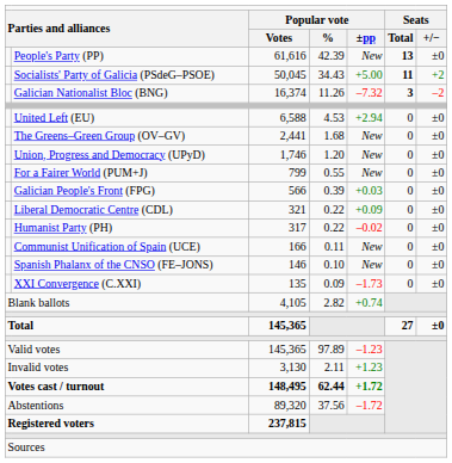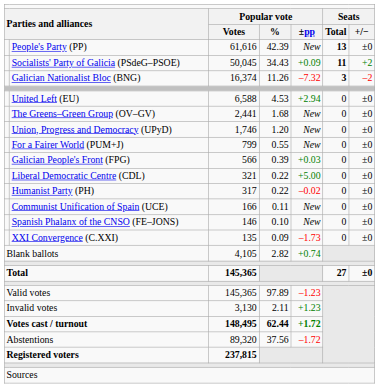 <table class="wikitable" style="text-align:right;">
 <tr>
 <td colspan="7"></td>
 </tr>
 <tr>
 <th style="text-align:left;" rowspan="2" colspan="2" width="525">Parties and alliances</th>
 <th colspan="3">Popular vote</th>
 <th colspan="2">Seats</th>
 </tr>
 <tr>
 <th width="75">Votes</th>
 <th width="45">%</th>
 <th width="45">±<a href='#'>pp</a></th>
 <th width="35">Total</th>
 <th width="35">+/−</th>
 </tr>
 <tr>
 <td width="1" style="color:inherit;background:"></td>
 <td align="left"><a href='#'>People's Party</a> (PP)</td>
 <td>61,616</td>
 <td>42.39</td>
 <td><em>New</em></td>
 <td><strong>13</strong></td>
 <td>±0</td>
 </tr>
 <tr>
 <td style="color:inherit;background:"></td>
 <td align="left"><a href='#'>Socialists' Party of Galicia</a> (PSdeG–PSOE)</td>
 <td>50,045</td>
 <td>34.43</td>
-<td style="color:green;">+5.00</td>
+<td style="color:green;">+0.09</td>
 <td><strong>11</strong></td>
 <td style="color:green;">+2</td>
 </tr>
 <tr>
 <td style="color:inherit;background:"></td>
 <td align="left"><a href='#'>Galician Nationalist Bloc</a> (BNG)</td>
 <td>16,374</td>
 <td>11.26</td>
 <td style="color:red;">–7.32</td>
 <td><strong>3</strong></td>
 <td style="color:red;">–2</td>
 </tr>
 <tr>
 <td colspan="7" bgcolor="#C0C0C0"></td>
 </tr>
 <tr>
 <td style="color:inherit;background:"></td>
 <td align="left"><a href='#'>United Left</a> (EU)</td>
 <td>6,588</td>
 <td>4.53</td>
 <td style="color:green;">+2.94</td>
 <td>0</td>
 <td>±0</td>
 </tr>
 <tr>
 <td style="color:inherit;background:"></td>
 <td align="left"><a href='#'>The Greens–Green Group</a> (OV–GV)</td>
 <td>2,441</td>
 <td>1.68</td>
 <td><em>New</em></td>
 <td>0</td>
 <td>±0</td>
 </tr>
 <tr>
 <td style="color:inherit;background:"></td>
 <td align="left"><a href='#'>Union, Progress and Democracy</a> (UPyD)</td>
 <td>1,746</td>
 <td>1.20</td>
 <td><em>New</em></td>
 <td>0</td>
 <td>±0</td>
 </tr>
 <tr>
 <td style="color:inherit;background:"></td>
 <td align="left"><a href='#'>For a Fairer World</a> (PUM+J)</td>
 <td>799</td>
 <td>0.55</td>
 <td><em>New</em></td>
 <td>0</td>
 <td>±0</td>
 </tr>
 <tr>
 <td style="color:inherit;background:"></td>
 <td align="left"><a href='#'>Galician People's Front</a> (FPG)</td>
 <td>566</td>
 <td>0.39</td>
 <td style="color:green;">+0.03</td>
 <td>0</td>
 <td>±0</td>
 </tr>
 <tr>
 <td style="color:inherit;background:"></td>
 <td align="left"><a href='#'>Liberal Democratic Centre</a> (CDL)</td>
 <td>321</td>
 <td>0.22</td>
-<td style="color:green;">+0.09</td>
+<td style="color:green;">+5.00</td>
 <td>0</td>
 <td>±0</td>
 </tr>
 <tr>
 <td style="color:inherit;background:"></td>
 <td align="left"><a href='#'>Humanist Party</a> (PH)</td>
 <td>317</td>
 <td>0.22</td>
 <td style="color:red;">–0.02</td>
 <td>0</td>
 <td>±0</td>
 </tr>
 <tr>
 <td style="color:inherit;background:"></td>
 <td align="left"><a href='#'>Communist Unification of Spain</a> (UCE)</td>
 <td>166</td>
 <td>0.11</td>
 <td><em>New</em></td>
 <td>0</td>
 <td>±0</td>
 </tr>
 <tr>
 <td style="color:inherit;background:"></td>
 <td align="left"><a href='#'>Spanish Phalanx of the CNSO</a> (FE–JONS)</td>
 <td>146</td>
 <td>0.10</td>
 <td><em>New</em></td>
 <td>0</td>
 <td>±0</td>
 </tr>
 <tr>
 <td style="color:inherit;background:"></td>
 <td align="left"><a href='#'>XXI Convergence</a> (C.XXI)</td>
 <td>135</td>
 <td>0.09</td>
 <td style="color:red;">–1.73</td>
 <td>0</td>
 <td>±0</td>
 </tr>
 <tr>
 <td align="left" colspan="2">Blank ballots</td>
 <td>4,105</td>
 <td>2.82</td>
 <td style="color:green;">+0.74</td>
 <td bgcolor="#E9E9E9" colspan="2"></td>
 </tr>
 <tr>
 <td colspan="7" bgcolor="#E9E9E9"></td>
 </tr>
 <tr style="font-weight:bold;">
 <td align="left" colspan="2">Total</td>
 <td>145,365</td>
 <td bgcolor="#E9E9E9" colspan="2"></td>
 <td>27</td>
 <td>±0</td>
 </tr>
 <tr>
 <td colspan="7" bgcolor="#E9E9E9"></td>
 </tr>
 <tr>
 <td align="left" colspan="2">Valid votes</td>
 <td>145,365</td>
 <td>97.89</td>
 <td style="color:red;">–1.23</td>
 <td bgcolor="#E9E9E9" colspan="2" rowspan="5"></td>
 </tr>
 <tr>
 <td align="left" colspan="2">Invalid votes</td>
 <td>3,130</td>
 <td>2.11</td>
 <td style="color:green;">+1.23</td>
 </tr>
 <tr style="font-weight:bold;">
 <td align="left" colspan="2">Votes cast / turnout</td>
 <td>148,495</td>
 <td>62.44</td>
 <td style="color:green;">+1.72</td>
 </tr>
 <tr>
 <td align="left" colspan="2">Abstentions</td>
 <td>89,320</td>
 <td>37.56</td>
 <td style="color:red;">–1.72</td>
 </tr>
 <tr style="font-weight:bold;">
 <td align="left" colspan="2">Registered voters</td>
 <td>237,815</td>
 <td bgcolor="#E9E9E9" colspan="2"></td>
 </tr>
 <tr>
 <td colspan="7" bgcolor="#E9E9E9"></td>
 </tr>
 <tr>
 <td align="left" colspan="7">Sources</td>
 </tr>
 </table>
